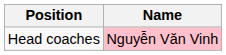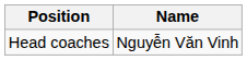 <table class="wikitable">
 <tr>
 <th>Position</th>
 <th>Name</th>
 </tr>
 <tr>
 <td>Head coaches</td>
-<td style="background: pink;"> Nguyễn Văn Vinh</td>
+<td> Nguyễn Văn Vinh</td>
 </tr>
 </table>
